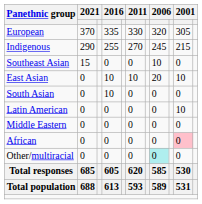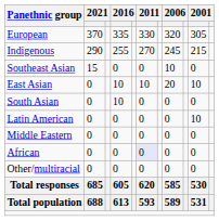 <table class="wikitable collapsible sortable">
 <tr>
 <th rowspan="2"><a href='#'>Panethnic</a> group</th>
 <th colspan="2">2021</th>
 <th colspan="2">2016</th>
 <th colspan="2">2011</th>
 <th colspan="2">2006</th>
 <th colspan="2">2001</th>
 </tr>
 <tr>
 <th><a href='#'></a></th>
 <th></th>
 <th></th>
 <th></th>
 <th></th>
 <th></th>
 <th></th>
 <th></th>
 <th></th>
 <th></th>
 </tr>
 <tr>
 <td><a href='#'>European</a></td>
 <td>370</td>
 <td></td>
 <td>335</td>
 <td></td>
 <td>330</td>
 <td></td>
 <td>320</td>
 <td></td>
 <td>305</td>
 <td></td>
 </tr>
 <tr>
 <td><a href='#'>Indigenous</a></td>
 <td>290</td>
 <td></td>
 <td>255</td>
 <td></td>
 <td>270</td>
 <td></td>
 <td>245</td>
 <td></td>
 <td>215</td>
 <td></td>
 </tr>
 <tr>
 <td><a href='#'>Southeast Asian</a></td>
 <td>15</td>
 <td></td>
 <td>0</td>
 <td></td>
 <td>0</td>
 <td></td>
 <td>10</td>
 <td></td>
 <td>0</td>
 <td></td>
 </tr>
 <tr>
 <td><a href='#'>East Asian</a></td>
 <td>0</td>
 <td></td>
 <td>10</td>
 <td></td>
 <td>10</td>
 <td></td>
 <td>20</td>
 <td></td>
 <td>10</td>
 <td></td>
 </tr>
 <tr>
 <td><a href='#'>South Asian</a></td>
 <td>0</td>
 <td></td>
 <td>10</td>
 <td></td>
 <td>0</td>
 <td></td>
 <td>0</td>
 <td></td>
 <td>0</td>
 <td></td>
 </tr>
 <tr>
 <td><a href='#'>Latin American</a></td>
 <td>0</td>
 <td></td>
 <td>0</td>
 <td></td>
 <td>0</td>
 <td></td>
 <td>0</td>
 <td></td>
 <td>10</td>
 <td></td>
 </tr>
 <tr>
 <td><a href='#'>Middle Eastern</a></td>
 <td>0</td>
 <td></td>
 <td>0</td>
 <td></td>
 <td>0</td>
 <td></td>
 <td>0</td>
 <td></td>
 <td>0</td>
 <td></td>
 </tr>
 <tr>
 <td><a href='#'>African</a></td>
 <td>0</td>
 <td></td>
 <td>0</td>
 <td></td>
+<td style="background: lavender;">0</td>
+<td></td>
 <td>0</td>
 <td></td>
 <td>0</td>
-<td></td>
-<td style="background: pink;">0</td>
 <td></td>
 </tr>
 <tr>
 <td>Other/<a href='#'>multiracial</a></td>
 <td>0</td>
 <td></td>
 <td>0</td>
 <td></td>
 <td>0</td>
 <td></td>
-<td style="background: paleturquoise;">0</td>
+<td>0</td>
 <td></td>
 <td>0</td>
 <td></td>
 </tr>
 <tr>
 <th>Total responses</th>
 <th>685</th>
 <th></th>
 <th>605</th>
 <th></th>
 <th>620</th>
 <th></th>
 <th>585</th>
 <th></th>
 <th>530</th>
 <th></th>
 </tr>
 <tr class="sortbottom">
 <th>Total population</th>
 <th>688</th>
 <th></th>
 <th>613</th>
 <th></th>
 <th>593</th>
 <th></th>
 <th>589</th>
 <th></th>
 <th>531</th>
 <th></th>
 </tr>
 <tr class="sortbottom">
 <td colspan="11"></td>
 </tr>
 </table>
